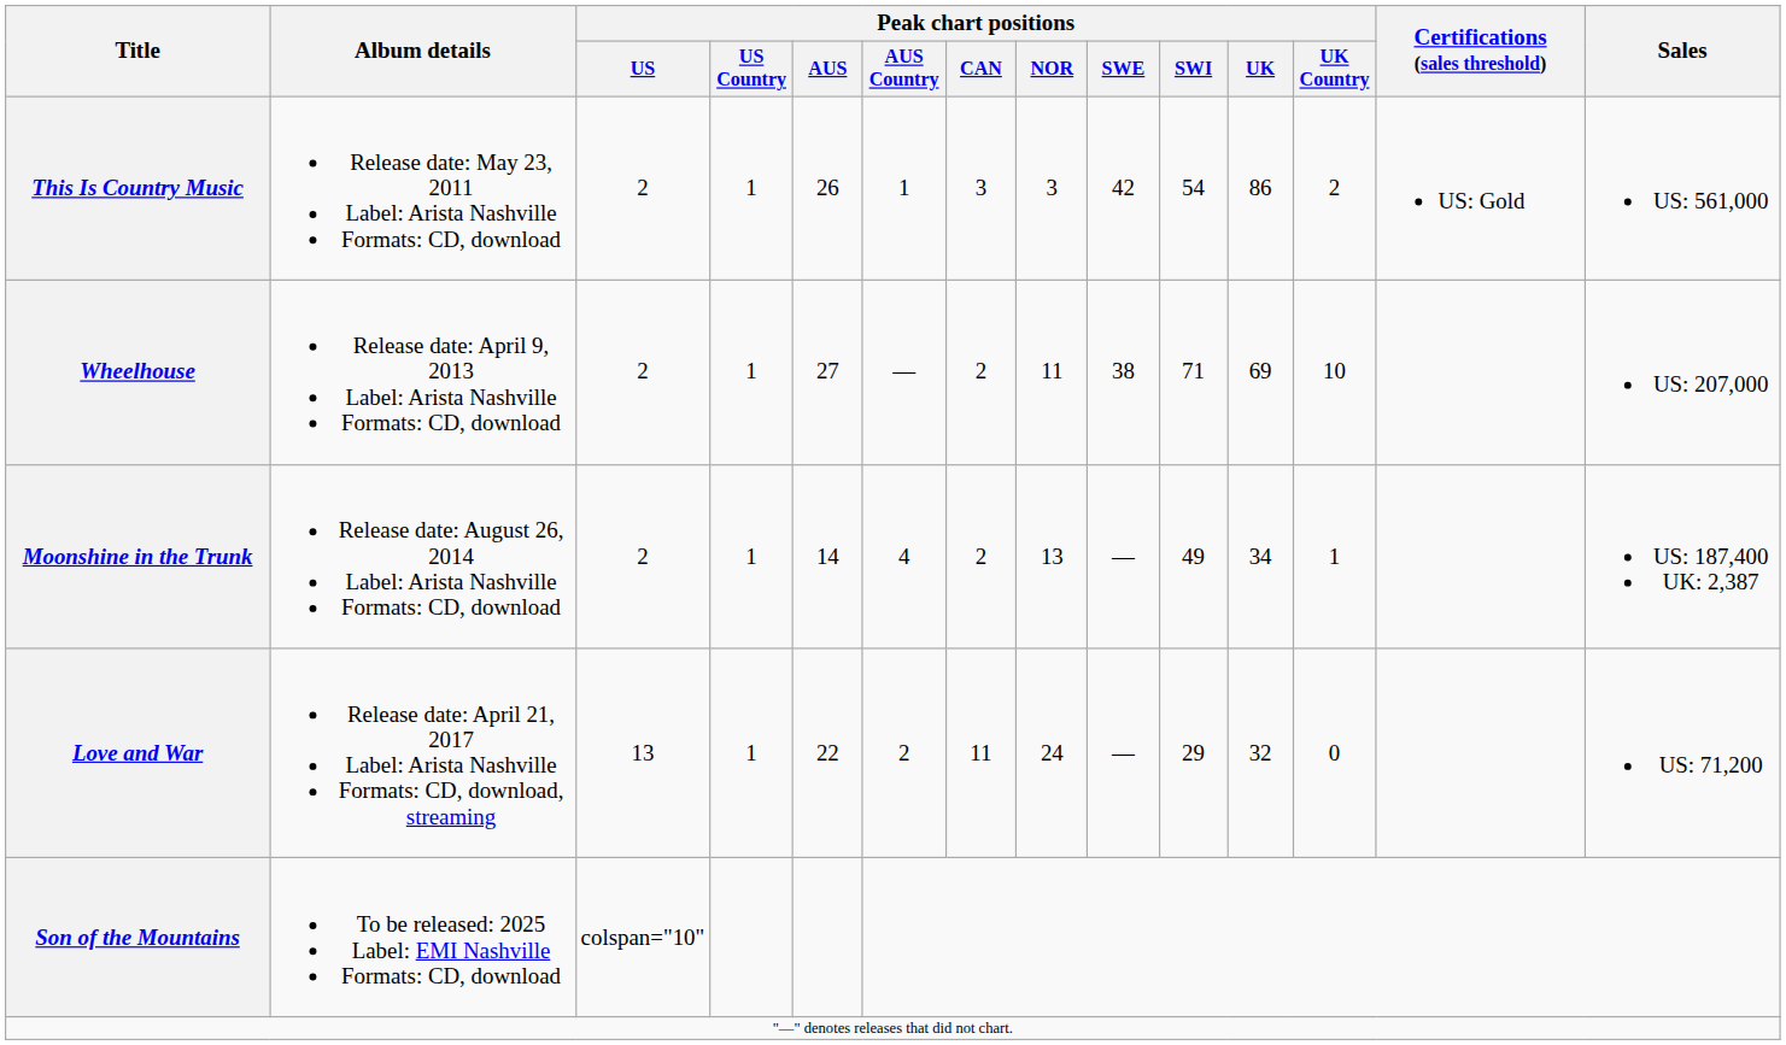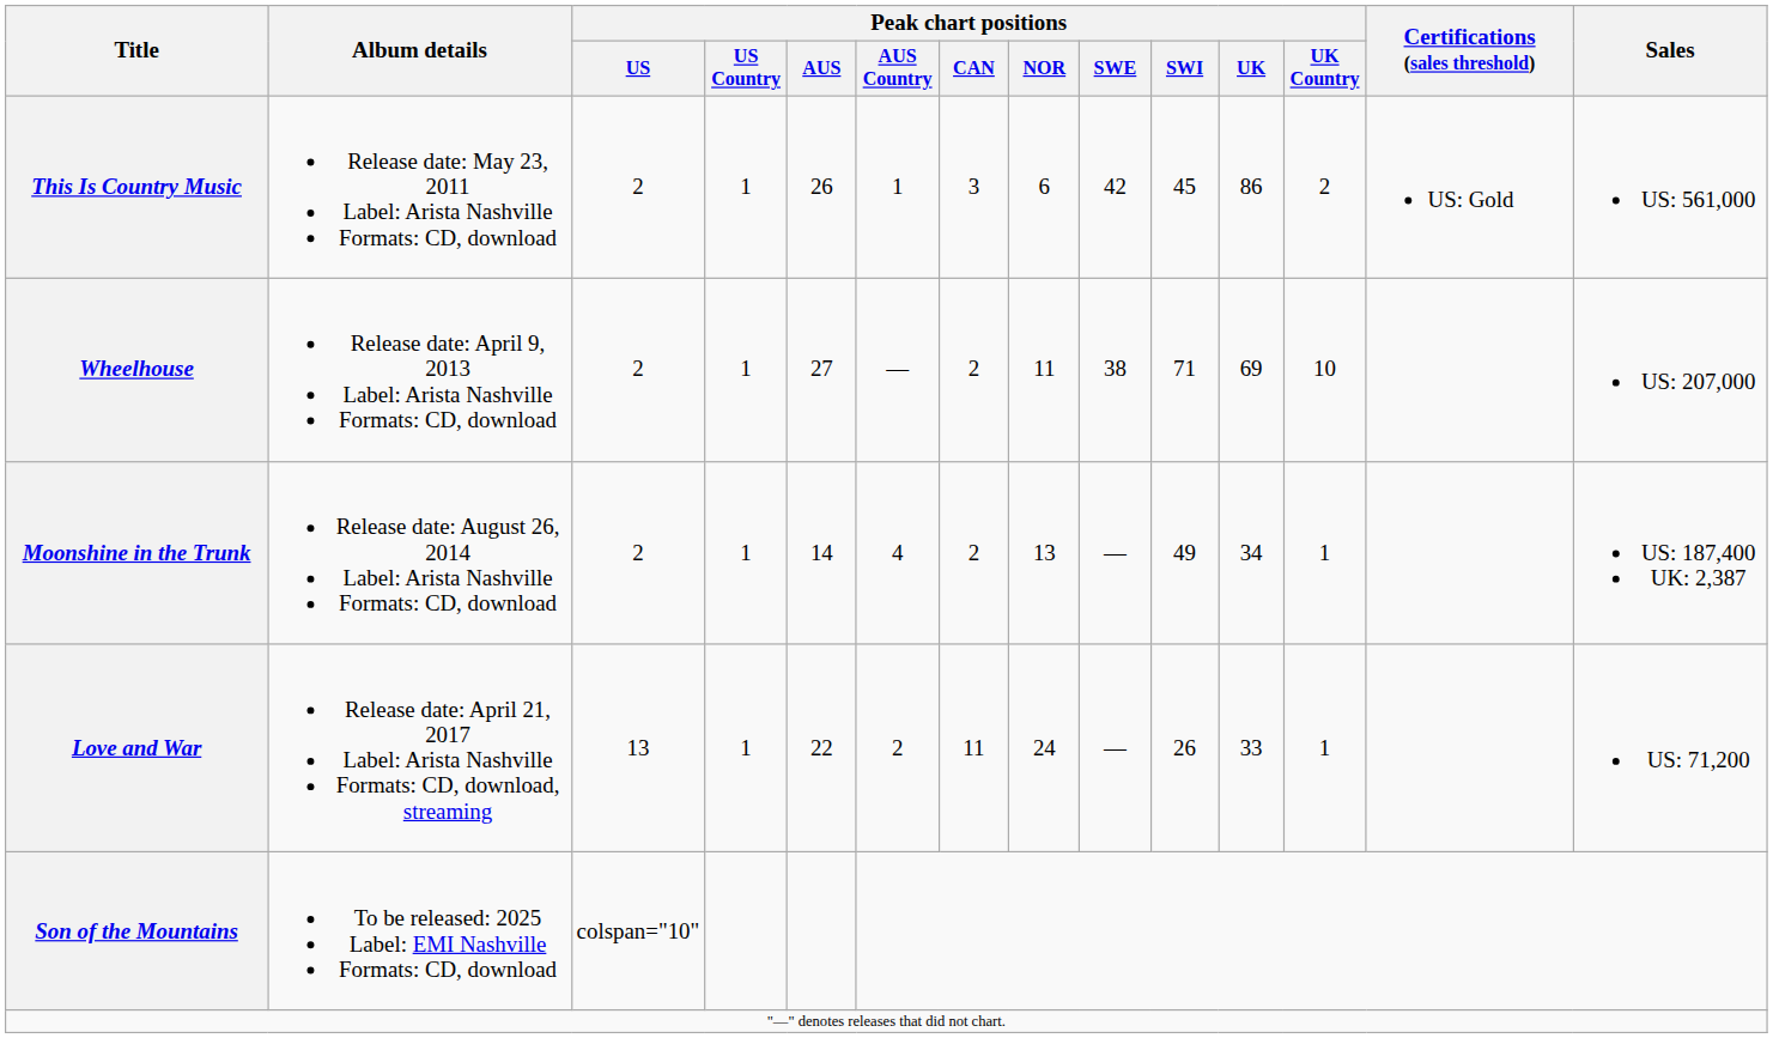 <table class="wikitable plainrowheaders" style="text-align:center;">
 <tr>
 <th scope="col" rowspan="2" style="width:16em;">Title</th>
 <th scope="col" rowspan="2" style="width:18em;">Album details</th>
 <th scope="col" colspan="10">Peak chart positions</th>
 <th scope="col" rowspan="2" style="width:11em;"><a href='#'>Certifications</a><br><small>(<a href='#'>sales threshold</a>)</small></th>
 <th scope="col" rowspan="2" style="width:10em;">Sales</th>
 </tr>
 <tr>
 <th scope="col" style="width:4em;font-size:85%;"><a href='#'>US</a><br></th>
 <th scope="col" style="width:4em;font-size:85%;"><a href='#'>US Country</a><br></th>
 <th scope="col" style="width:4em;font-size:85%;"><a href='#'>AUS</a><br></th>
 <th scope="col" style="width:4em;font-size:85%;"><a href='#'>AUS Country</a><br></th>
 <th scope="col" style="width:4em;font-size:85%;"><a href='#'>CAN</a><br></th>
 <th scope="col" style="width:4em;font-size:85%;"><a href='#'>NOR</a><br></th>
 <th scope="col" style="width:4em;font-size:85%;"><a href='#'>SWE</a><br></th>
 <th scope="col" style="width:4em;font-size:85%;"><a href='#'>SWI</a><br></th>
 <th scope="col" style="width:4em;font-size:85%;"><a href='#'>UK</a><br></th>
 <th scope="col" style="width:4em;font-size:85%;"><a href='#'>UK Country</a><br></th>
 </tr>
 <tr>
 <th scope="row"><em><a href='#'>This Is Country Music</a></em></th>
 <td><br><ul><li>Release date: May 23, 2011</li><li>Label: Arista Nashville</li><li>Formats: CD, download</li></ul></td>
 <td>2</td>
 <td>1</td>
 <td>26</td>
 <td>1</td>
 <td>3</td>
-<td>3</td>
+<td>6</td>
 <td>42</td>
-<td>54</td>
+<td>45</td>
 <td>86</td>
 <td>2</td>
 <td align="left"><br><ul><li>US: Gold</li></ul></td>
 <td><br><ul><li>US: 561,000</li></ul></td>
 </tr>
 <tr>
 <th scope="row"><em><a href='#'>Wheelhouse</a></em></th>
 <td><br><ul><li>Release date: April 9, 2013</li><li>Label: Arista Nashville</li><li>Formats: CD, download</li></ul></td>
 <td>2</td>
 <td>1</td>
 <td>27</td>
 <td>—</td>
 <td>2</td>
 <td>11</td>
 <td>38</td>
 <td>71</td>
 <td>69</td>
 <td>10</td>
 <td></td>
 <td><br><ul><li>US: 207,000</li></ul></td>
 </tr>
 <tr>
 <th scope="row"><em><a href='#'>Moonshine in the Trunk</a></em></th>
 <td><br><ul><li>Release date: August 26, 2014</li><li>Label: Arista Nashville</li><li>Formats: CD, download</li></ul></td>
 <td>2</td>
 <td>1</td>
 <td>14</td>
 <td>4</td>
 <td>2</td>
 <td>13</td>
 <td>—</td>
 <td>49</td>
 <td>34</td>
 <td>1</td>
 <td></td>
 <td><br><ul><li>US: 187,400</li><li>UK: 2,387</li></ul></td>
 </tr>
 <tr>
 <th scope="row"><em><a href='#'>Love and War</a></em></th>
 <td><br><ul><li>Release date: April 21, 2017</li><li>Label: Arista Nashville</li><li>Formats: CD, download, <a href='#'>streaming</a></li></ul></td>
 <td>13</td>
 <td>1</td>
 <td>22</td>
 <td>2</td>
 <td>11</td>
 <td>24</td>
 <td>—</td>
-<td>29</td>
-<td>32</td>
-<td>0</td>
+<td>26</td>
+<td>33</td>
+<td>1</td>
 <td></td>
 <td><br><ul><li>US: 71,200</li></ul></td>
 </tr>
 <tr>
 <th scope="row"><em><a href='#'>Son of the Mountains</a></em></th>
 <td><br><ul><li>To be released: 2025</li><li>Label: <a href='#'>EMI Nashville</a></li><li>Formats: CD, download</li></ul></td>
 <td>colspan="10" </td>
 <td align="left"></td>
 <td></td>
 </tr>
 <tr>
 <td colspan="14" style="font-size:8pt">"—" denotes releases that did not chart.</td>
 </tr>
 </table>
